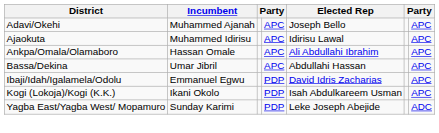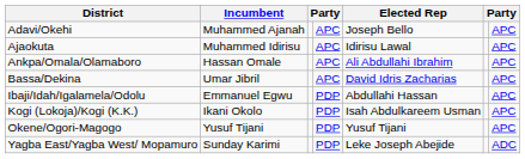 <table class="sortable wikitable" style="font-size:95%;line-height:14px;">
 <tr>
 <th class="unsortable">District</th>
 <th class="unsortable"><a href='#'>Incumbent</a></th>
 <th colspan="2">Party</th>
 <th class="unsortable">Elected Rep</th>
 <th colspan="2">Party</th>
 </tr>
 <tr>
 <td>Adavi/Okehi</td>
 <td>Muhammed Ajanah</td>
 <td style="background:"></td>
 <td><a href='#'>APC</a></td>
 <td>Joseph Bello</td>
 <td style="background:"></td>
 <td><a href='#'>APC</a></td>
 </tr>
 <tr>
 <td>Ajaokuta</td>
 <td>Muhammed Idirisu</td>
 <td style="background:"></td>
 <td><a href='#'>APC</a></td>
 <td>Idirisu Lawal</td>
 <td style="background:"></td>
 <td><a href='#'>APC</a></td>
 </tr>
 <tr>
 <td>Ankpa/Omala/Olamaboro</td>
 <td>Hassan Omale</td>
 <td style="background:"></td>
 <td><a href='#'>APC</a></td>
 <td><a href='#'>Ali Abdullahi Ibrahim</a></td>
 <td style="background:"></td>
 <td><a href='#'>APC</a></td>
 </tr>
 <tr>
 <td>Bassa/Dekina</td>
 <td>Umar Jibril</td>
 <td style="background:"></td>
 <td><a href='#'>APC</a></td>
-<td>Abdullahi Hassan</td>
+<td><a href='#'>David Idris Zacharias</a></td>
 <td style="background:"></td>
 <td><a href='#'>APC</a></td>
 </tr>
 <tr>
 <td>Ibaji/Idah/Igalamela/Odolu</td>
 <td>Emmanuel Egwu</td>
 <td style="background:"></td>
 <td><a href='#'>PDP</a></td>
-<td><a href='#'>David Idris Zacharias</a></td>
+<td>Abdullahi Hassan</td>
 <td style="background:"></td>
 <td><a href='#'>APC</a></td>
 </tr>
 <tr>
 <td>Kogi (Lokoja)/Kogi (K.K.)</td>
 <td>Ikani Okolo</td>
 <td style="background:"></td>
 <td><a href='#'>PDP</a></td>
 <td>Isah Abdulkareem Usman</td>
 <td style="background:"></td>
 <td><a href='#'>APC</a></td>
 </tr>
 <tr>
+<td>Okene/Ogori-Magogo</td>
+<td>Yusuf Tijani</td>
+<td style="background:"></td>
+<td><a href='#'>PDP</a></td>
+<td>Yusuf Tijani</td>
+<td style="background:"></td>
+<td><a href='#'>APC</a></td>
+</tr>
+<tr>
 <td>Yagba East/Yagba West/ Mopamuro</td>
 <td>Sunday Karimi</td>
 <td style="background:"></td>
 <td><a href='#'>PDP</a></td>
 <td>Leke Joseph Abejide</td>
 <td style="background:"></td>
 <td><a href='#'>ADC</a></td>
 </tr>
 </table>
